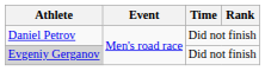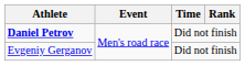 <table class=wikitable style="font-size:90%">
 <tr>
 <th>Athlete</th>
 <th>Event</th>
 <th>Time</th>
 <th>Rank</th>
 </tr>
 <tr align=center>
-<td align=left><a href='#'>Daniel Petrov</a></td>
+<td align=left><strong><a href='#'>Daniel Petrov</a></strong></td>
 <td align=left rowspan=2><a href='#'>Men's road race</a></td>
 <td colspan=2>Did not finish</td>
 </tr>
 <tr align=center>
-<td align=left style="background: lightgrey;"><a href='#'>Evgeniy Gerganov</a></td>
+<td align=left><a href='#'>Evgeniy Gerganov</a></td>
 <td colspan=2>Did not finish</td>
 </tr>
 </table>
